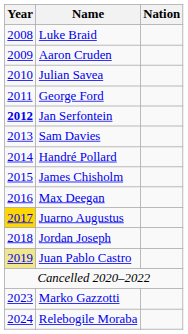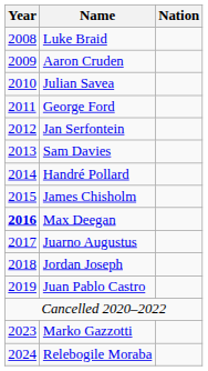 <table class="wikitable">
 <tr>
 <th>Year</th>
 <th>Name</th>
 <th>Nation</th>
 </tr>
 <tr>
 <td><a href='#'>2008</a></td>
 <td><a href='#'>Luke Braid</a></td>
 <td></td>
 </tr>
 <tr>
 <td><a href='#'>2009</a></td>
 <td><a href='#'>Aaron Cruden</a></td>
 <td></td>
 </tr>
 <tr>
 <td><a href='#'>2010</a></td>
 <td><a href='#'>Julian Savea</a></td>
 <td></td>
 </tr>
 <tr>
 <td><a href='#'>2011</a></td>
 <td><a href='#'>George Ford</a></td>
 <td></td>
 </tr>
 <tr>
-<td><strong><a href='#'>2012</a></strong></td>
+<td><a href='#'>2012</a></td>
 <td><a href='#'>Jan Serfontein</a></td>
 <td></td>
 </tr>
 <tr>
 <td><a href='#'>2013</a></td>
 <td><a href='#'>Sam Davies</a></td>
 <td></td>
 </tr>
 <tr>
 <td><a href='#'>2014</a></td>
 <td><a href='#'>Handré Pollard</a></td>
 <td></td>
 </tr>
 <tr>
 <td><a href='#'>2015</a></td>
 <td><a href='#'>James Chisholm</a></td>
 <td></td>
 </tr>
 <tr>
-<td><a href='#'>2016</a></td>
+<td><strong><a href='#'>2016</a></strong></td>
 <td><a href='#'>Max Deegan</a></td>
 <td></td>
 </tr>
 <tr>
-<td style="background: gold;"><a href='#'>2017</a></td>
+<td><a href='#'>2017</a></td>
 <td><a href='#'>Juarno Augustus</a></td>
 <td></td>
 </tr>
 <tr>
 <td><a href='#'>2018</a></td>
 <td><a href='#'>Jordan Joseph</a></td>
 <td></td>
 </tr>
 <tr>
-<td style="background: khaki;"><a href='#'>2019</a></td>
+<td><a href='#'>2019</a></td>
 <td><a href='#'>Juan Pablo Castro</a></td>
 <td></td>
 </tr>
 <tr>
 <td colspan="3" align="center"><em>Cancelled 2020–2022</em></td>
 </tr>
 <tr>
 <td><a href='#'>2023</a></td>
 <td><a href='#'>Marko Gazzotti</a></td>
 <td></td>
 </tr>
 <tr>
 <td><a href='#'>2024</a></td>
 <td><a href='#'>Relebogile Moraba</a></td>
 <td></td>
 </tr>
 </table>
